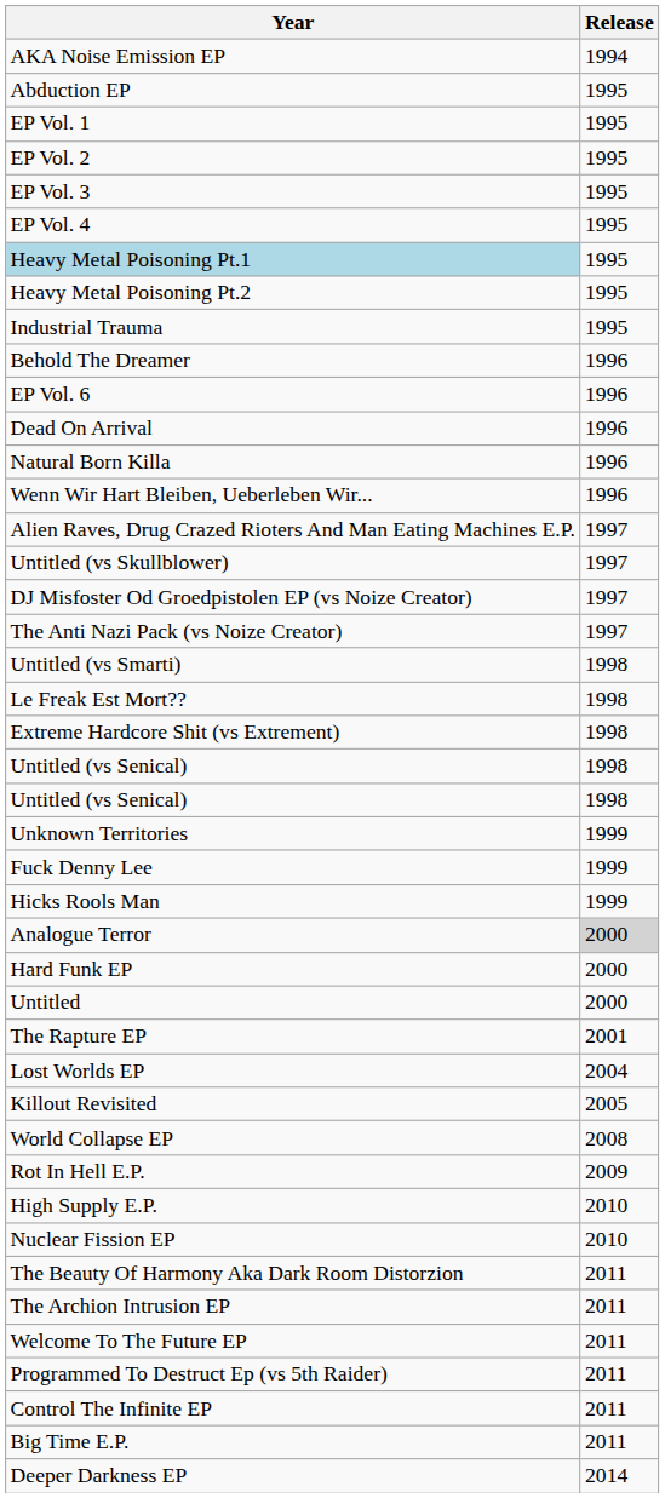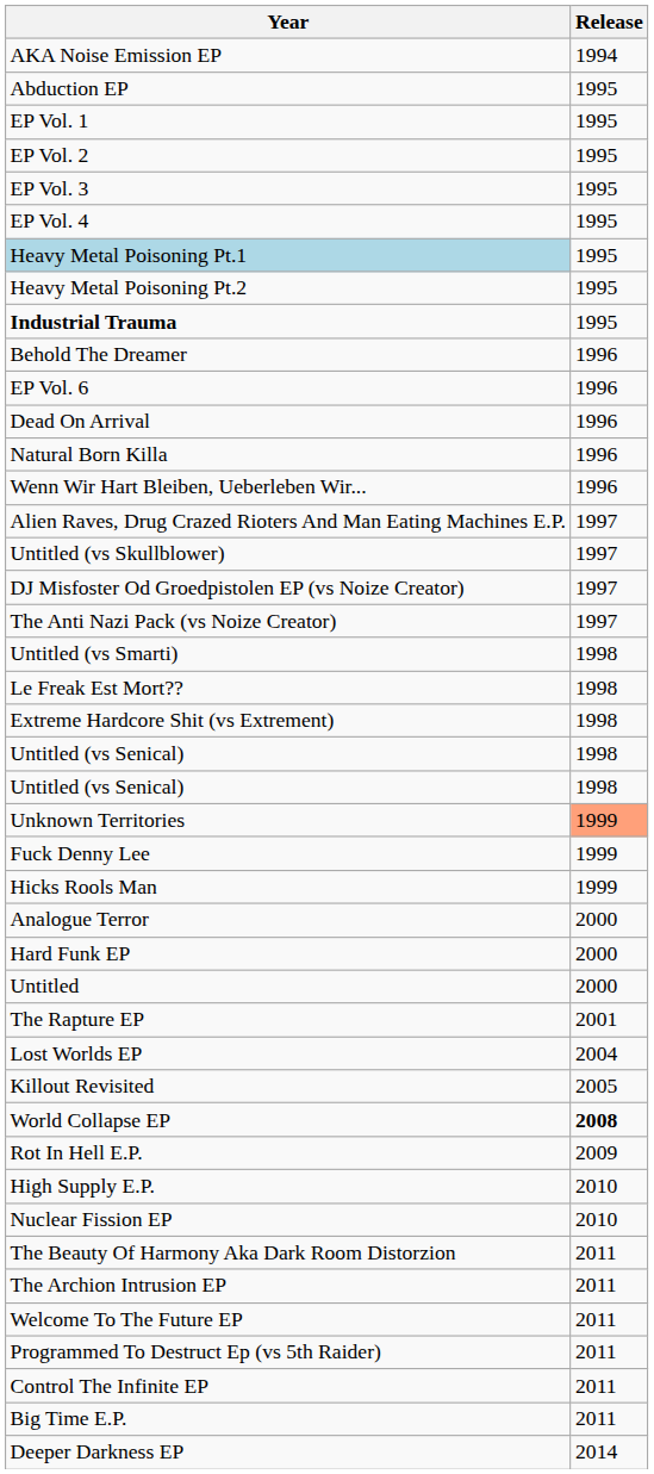 <table class="wikitable">
 <tr>
 <th>Year</th>
 <th>Release</th>
 </tr>
 <tr>
 <td>AKA Noise Emission EP</td>
 <td>1994</td>
 </tr>
 <tr>
 <td>Abduction EP</td>
 <td>1995</td>
 </tr>
 <tr>
 <td>EP Vol. 1</td>
 <td>1995</td>
 </tr>
 <tr>
 <td>EP Vol. 2</td>
 <td>1995</td>
 </tr>
 <tr>
 <td>EP Vol. 3</td>
 <td>1995</td>
 </tr>
 <tr>
 <td>EP Vol. 4</td>
 <td>1995</td>
 </tr>
 <tr>
 <td style="background: lightblue;">Heavy Metal Poisoning Pt.1</td>
 <td>1995</td>
 </tr>
 <tr>
 <td>Heavy Metal Poisoning Pt.2</td>
 <td>1995</td>
 </tr>
 <tr>
-<td>Industrial Trauma</td>
+<td><strong>Industrial Trauma</strong></td>
 <td>1995</td>
 </tr>
 <tr>
 <td>Behold The Dreamer</td>
 <td>1996</td>
 </tr>
 <tr>
 <td>EP Vol. 6</td>
 <td>1996</td>
 </tr>
 <tr>
 <td>Dead On Arrival</td>
 <td>1996</td>
 </tr>
 <tr>
 <td>Natural Born Killa</td>
 <td>1996</td>
 </tr>
 <tr>
 <td>Wenn Wir Hart Bleiben, Ueberleben Wir...</td>
 <td>1996</td>
 </tr>
 <tr>
 <td>Alien Raves, Drug Crazed Rioters And Man Eating Machines E.P.</td>
 <td>1997</td>
 </tr>
 <tr>
 <td>Untitled (vs Skullblower)</td>
 <td>1997</td>
 </tr>
 <tr>
 <td>DJ Misfoster Od Groedpistolen EP (vs Noize Creator)</td>
 <td>1997</td>
 </tr>
 <tr>
 <td>The Anti Nazi Pack (vs Noize Creator)</td>
 <td>1997</td>
 </tr>
 <tr>
 <td>Untitled (vs Smarti)</td>
 <td>1998</td>
 </tr>
 <tr>
 <td>Le Freak Est Mort??</td>
 <td>1998</td>
 </tr>
 <tr>
 <td>Extreme Hardcore Shit (vs Extrement)</td>
 <td>1998</td>
 </tr>
 <tr>
 <td>Untitled (vs Senical)</td>
 <td>1998</td>
 </tr>
 <tr>
 <td>Untitled (vs Senical)</td>
 <td>1998</td>
 </tr>
 <tr>
 <td>Unknown Territories</td>
-<td>1999</td>
+<td style="background: lightsalmon;">1999</td>
 </tr>
 <tr>
 <td>Fuck Denny Lee</td>
 <td>1999</td>
 </tr>
 <tr>
 <td>Hicks Rools Man</td>
 <td>1999</td>
 </tr>
 <tr>
 <td>Analogue Terror</td>
-<td style="background: lightgrey;">2000</td>
+<td>2000</td>
 </tr>
 <tr>
 <td>Hard Funk EP</td>
 <td>2000</td>
 </tr>
 <tr>
 <td>Untitled</td>
 <td>2000</td>
 </tr>
 <tr>
 <td>The Rapture EP</td>
 <td>2001</td>
 </tr>
 <tr>
 <td>Lost Worlds EP</td>
 <td>2004</td>
 </tr>
 <tr>
 <td>Killout Revisited</td>
 <td>2005</td>
 </tr>
 <tr>
 <td>World Collapse EP</td>
-<td>2008</td>
+<td><strong>2008</strong></td>
 </tr>
 <tr>
 <td>Rot In Hell E.P.</td>
 <td>2009</td>
 </tr>
 <tr>
 <td>High Supply E.P.</td>
 <td>2010</td>
 </tr>
 <tr>
 <td>Nuclear Fission EP</td>
 <td>2010</td>
 </tr>
 <tr>
 <td>The Beauty Of Harmony Aka Dark Room Distorzion</td>
 <td>2011</td>
 </tr>
 <tr>
 <td>The Archion Intrusion EP</td>
 <td>2011</td>
 </tr>
 <tr>
 <td>Welcome To The Future EP</td>
 <td>2011</td>
 </tr>
 <tr>
 <td>Programmed To Destruct Ep (vs 5th Raider)</td>
 <td>2011</td>
 </tr>
 <tr>
 <td>Control The Infinite EP</td>
 <td>2011</td>
 </tr>
 <tr>
 <td>Big Time E.P.</td>
 <td>2011</td>
 </tr>
 <tr>
 <td>Deeper Darkness EP</td>
 <td>2014</td>
 </tr>
 </table>
